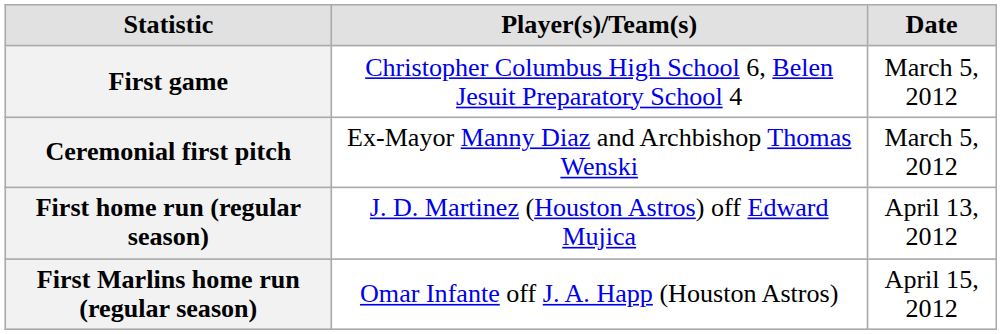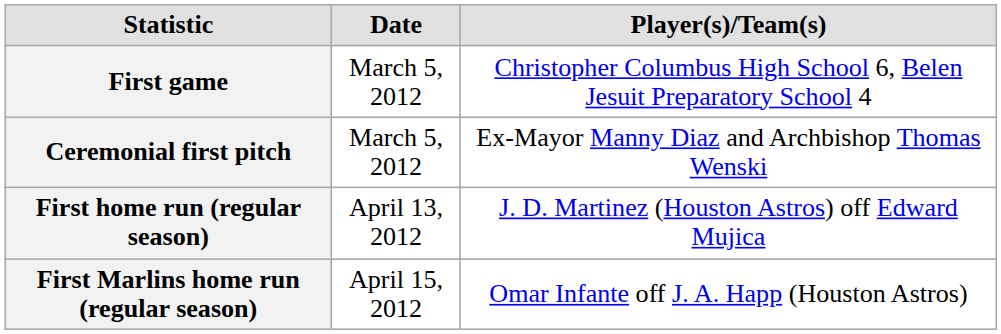 <table class="wikitable" style="margin:auto; margin-left:15px; text-align:center; background:#fff;">
 <tr style="background:#e1e1e1;">
 <td><strong>Statistic</strong></td>
+<td><strong>Date</strong></td>
 <td><strong>Player(s)/Team(s)</strong></td>
-<td><strong>Date</strong></td>
 </tr>
 <tr>
 <th>First game</th>
+<td>March 5, 2012</td>
 <td><a href='#'>Christopher Columbus High School</a> 6, <a href='#'>Belen Jesuit Preparatory School</a> 4</td>
-<td>March 5, 2012</td>
 </tr>
 <tr>
 <th>Ceremonial first pitch</th>
+<td>March 5, 2012</td>
 <td>Ex-Mayor <a href='#'>Manny Diaz</a> and Archbishop <a href='#'>Thomas Wenski</a></td>
-<td>March 5, 2012</td>
 </tr>
 <tr>
 <th>First home run (regular season)</th>
+<td>April 13, 2012</td>
 <td><a href='#'>J. D. Martinez</a> (<a href='#'>Houston Astros</a>) off <a href='#'>Edward Mujica</a></td>
-<td>April 13, 2012</td>
 </tr>
 <tr>
 <th>First Marlins home run (regular season)</th>
+<td>April 15, 2012</td>
 <td><a href='#'>Omar Infante</a> off <a href='#'>J. A. Happ</a> (Houston Astros)</td>
-<td>April 15, 2012</td>
 </tr>
 </table>
